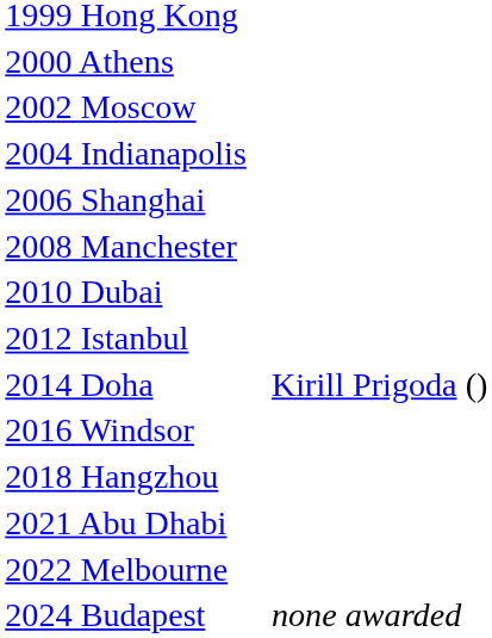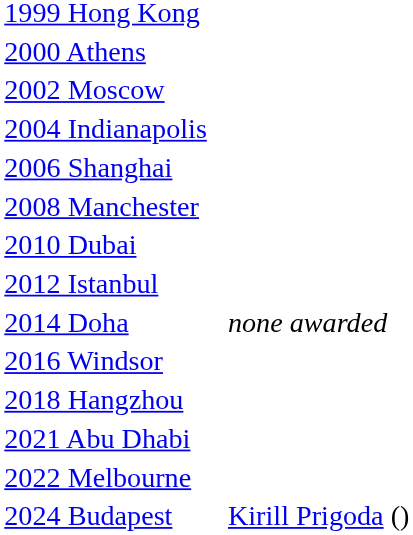 <table>
 <tr>
 <td><a href='#'>1999 Hong Kong</a></td>
 <td></td>
 <td></td>
 <td></td>
 </tr>
 <tr>
 <td><a href='#'>2000 Athens</a></td>
 <td></td>
 <td></td>
 <td></td>
 </tr>
 <tr>
 <td><a href='#'>2002 Moscow</a></td>
 <td></td>
 <td></td>
 <td></td>
 </tr>
 <tr>
 <td><a href='#'>2004 Indianapolis</a></td>
 <td></td>
 <td></td>
 <td></td>
 </tr>
 <tr>
 <td><a href='#'>2006 Shanghai</a></td>
 <td></td>
 <td></td>
 <td></td>
 </tr>
 <tr>
 <td><a href='#'>2008 Manchester</a></td>
 <td></td>
 <td></td>
 <td></td>
 </tr>
 <tr>
 <td><a href='#'>2010 Dubai</a></td>
 <td></td>
 <td></td>
 <td></td>
 </tr>
 <tr>
 <td><a href='#'>2012 Istanbul</a></td>
 <td></td>
 <td></td>
 <td></td>
 </tr>
 <tr>
 <td><a href='#'>2014 Doha</a></td>
 <td></td>
 <td><br></td>
-<td> <a href='#'>Kirill Prigoda</a> ()</td>
+<td><em>none awarded</em></td>
 </tr>
 <tr>
 <td><a href='#'>2016 Windsor</a></td>
 <td></td>
 <td></td>
 <td></td>
 </tr>
 <tr>
 <td><a href='#'>2018 Hangzhou</a></td>
 <td></td>
 <td></td>
 <td></td>
 </tr>
 <tr>
 <td><a href='#'>2021 Abu Dhabi</a></td>
 <td></td>
 <td></td>
 <td></td>
 </tr>
 <tr>
 <td><a href='#'>2022 Melbourne</a></td>
 <td></td>
 <td></td>
 <td></td>
 </tr>
 <tr>
 <td><a href='#'>2024 Budapest</a></td>
 <td></td>
 <td></td>
-<td><em>none awarded</em></td>
+<td> <a href='#'>Kirill Prigoda</a> ()</td>
 </tr>
 </table>
